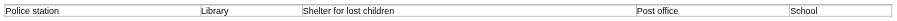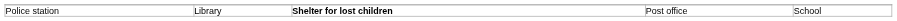 <table cellpadding="0" cellspacing="0" border="1" width="80%" style="margin: auto;border: 1px #aaa solid;  border-collapse: collapse; font-size:80%">
 <tr>
 <td></td>
 <td></td>
 <td></td>
 <td></td>
 <td></td>
 </tr>
 <tr>
 <td>Police station</td>
 <td>Library</td>
-<td>Shelter for lost children</td>
+<td><strong>Shelter for lost children</strong></td>
 <td>Post office</td>
 <td>School</td>
 </tr>
 </table>
